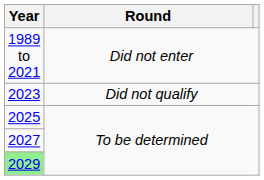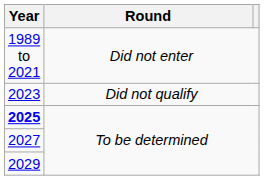 <table class="wikitable" style="text-align: center; font-size:90%">
 <tr>
 <th>Year</th>
 <th style="width:200px">Round</th>
 <th></th>
 </tr>
 <tr>
 <td><a href='#'>1989</a><br>to<br><a href='#'>2021</a></td>
 <td colspan="2"><em>Did not enter</em></td>
 </tr>
 <tr>
 <td><a href='#'>2023</a></td>
 <td colspan="2"><em>Did not qualify</em></td>
 </tr>
 <tr>
-<td><a href='#'>2025</a></td>
+<td><strong><a href='#'>2025</a></strong></td>
 <td colspan="2" rowspan="3"><em>To be determined</em></td>
 </tr>
 <tr>
 <td><a href='#'>2027</a></td>
 </tr>
 <tr>
-<td style="background: lightgreen;"><a href='#'>2029</a></td>
+<td><a href='#'>2029</a></td>
 </tr>
 </table>
